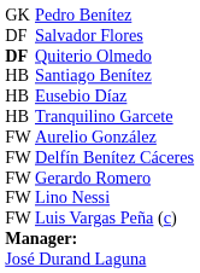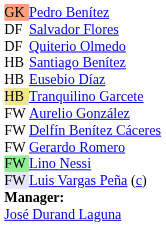 <table style="font-size:90%; margin:0.2em auto;" cellspacing="0" cellpadding="0">
 <tr>
 <th width="25"></th>
 </tr>
 <tr>
-<td>GK</td>
+<td style="background: lightsalmon;">GK</td>
 <td><a href='#'>Pedro Benítez</a></td>
 </tr>
 <tr>
 <td>DF</td>
 <td><a href='#'>Salvador Flores</a></td>
 </tr>
 <tr>
-<td><strong>DF</strong></td>
+<td>DF</td>
 <td><a href='#'>Quiterio Olmedo</a></td>
 </tr>
 <tr>
 <td>HB</td>
 <td><a href='#'>Santiago Benítez</a></td>
 </tr>
 <tr>
 <td>HB</td>
 <td><a href='#'>Eusebio Díaz</a></td>
 </tr>
 <tr>
-<td>HB</td>
+<td style="background: khaki;">HB</td>
 <td><a href='#'>Tranquilino Garcete</a></td>
 </tr>
 <tr>
 <td>FW</td>
 <td><a href='#'>Aurelio González</a></td>
 </tr>
 <tr>
 <td>FW</td>
 <td><a href='#'>Delfín Benítez Cáceres</a></td>
 </tr>
 <tr>
 <td>FW</td>
 <td><a href='#'>Gerardo Romero</a></td>
 </tr>
 <tr>
-<td>FW</td>
+<td style="background: lightgreen;">FW</td>
 <td><a href='#'>Lino Nessi</a></td>
 </tr>
 <tr>
-<td>FW</td>
+<td style="background: lavender;">FW</td>
 <td><a href='#'>Luis Vargas Peña</a> (<a href='#'>c</a>)</td>
 </tr>
 <tr>
 <td colspan=3><strong>Manager:</strong></td>
 </tr>
 <tr>
 <td colspan=4> <a href='#'>José Durand Laguna</a></td>
 </tr>
 </table>
